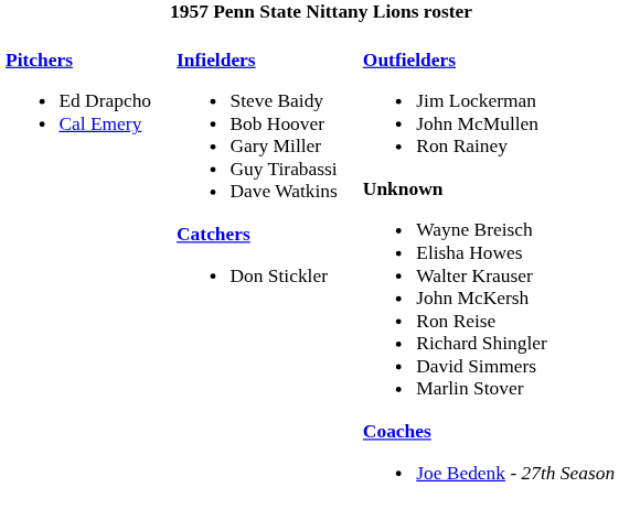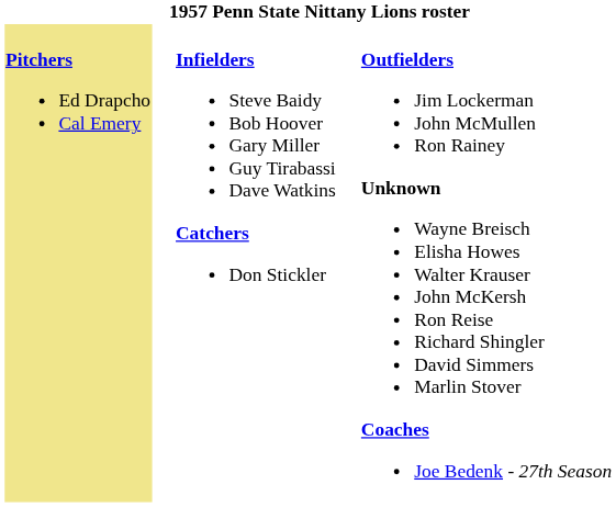 <table class="toccolours" style="border-collapse:collapse; font-size:90%;">
 <tr>
 <th colspan="7">1957 Penn State Nittany Lions roster</th>
 </tr>
 <tr>
 <td width="03"> </td>
-<td valign="top"><br><strong><a href='#'>Pitchers</a></strong><ul><li>Ed Drapcho</li><li><a href='#'>Cal Emery</a></li></ul></td>
+<td valign="top" style="background: khaki;"><br><strong><a href='#'>Pitchers</a></strong><ul><li>Ed Drapcho</li><li><a href='#'>Cal Emery</a></li></ul></td>
 <td width="15"> </td>
 <td valign="top"><br><strong><a href='#'>Infielders</a></strong><ul><li>Steve Baidy</li><li>Bob Hoover</li><li>Gary Miller</li><li>Guy Tirabassi</li><li>Dave Watkins</li></ul><strong><a href='#'>Catchers</a></strong><ul><li>Don Stickler</li></ul></td>
 <td width="15"> </td>
 <td valign="top"><br><strong><a href='#'>Outfielders</a></strong><ul><li>Jim Lockerman</li><li>John McMullen</li><li>Ron Rainey</li></ul><strong>Unknown</strong><ul><li>Wayne Breisch</li><li>Elisha Howes</li><li>Walter Krauser</li><li>John McKersh</li><li>Ron Reise</li><li>Richard Shingler</li><li>David Simmers</li><li>Marlin Stover</li></ul><strong><a href='#'>Coaches</a></strong><ul><li><a href='#'>Joe Bedenk</a> - <em>27th Season</em></li></ul></td>
 <td width="20"> </td>
 </tr>
 </table>
